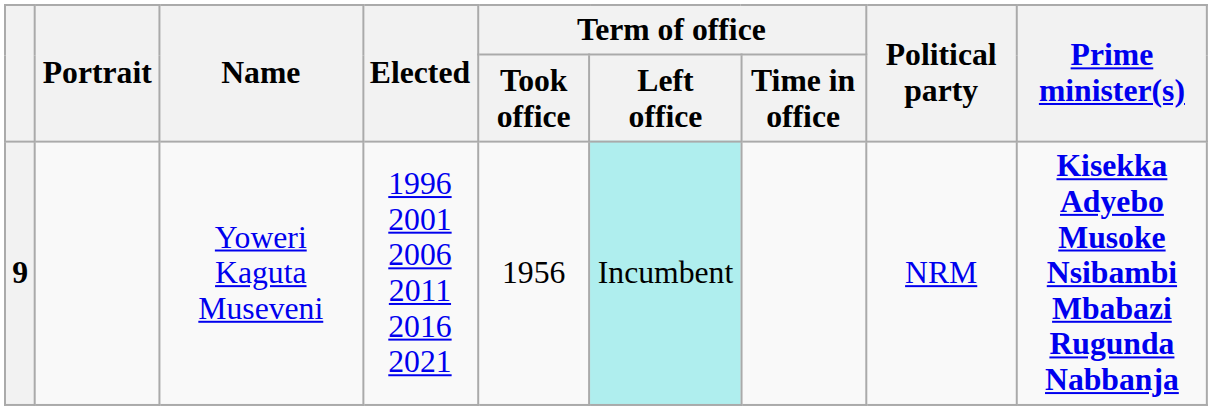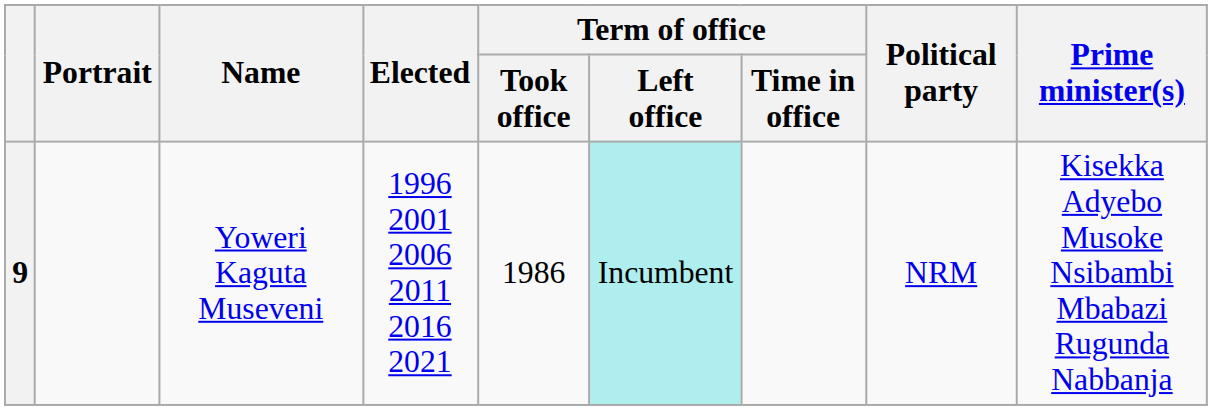 <table class="wikitable" style="text-align:center">
 <tr>
 <th rowspan="2"></th>
 <th rowspan="2">Portrait</th>
 <th rowspan="2">Name<br></th>
 <th rowspan="2">Elected</th>
 <th colspan="3">Term of office</th>
 <th rowspan="2">Political party</th>
 <th rowspan="2"><a href='#'>Prime minister(s)</a></th>
 </tr>
 <tr>
 <th>Took office</th>
 <th>Left office</th>
 <th>Time in office</th>
 </tr>
 <tr>
 <th style="background:">9</th>
 <td></td>
 <td><a href='#'>Yoweri Kaguta Museveni</a><br></td>
 <td><a href='#'>1996</a><br><a href='#'>2001</a><br><a href='#'>2006</a><br><a href='#'>2011</a><br><a href='#'>2016</a><br><a href='#'>2021</a></td>
-<td> 1956</td>
+<td> 1986</td>
 <td style="background: paleturquoise;">Incumbent</td>
 <td></td>
 <td><a href='#'>NRM</a></td>
-<td><strong><a href='#'>Kisekka</a><br><a href='#'>Adyebo</a><br><a href='#'>Musoke</a><br><a href='#'>Nsibambi</a><br><a href='#'>Mbabazi</a><br><a href='#'>Rugunda</a><br><a href='#'>Nabbanja</a></strong></td>
+<td><a href='#'>Kisekka</a><br><a href='#'>Adyebo</a><br><a href='#'>Musoke</a><br><a href='#'>Nsibambi</a><br><a href='#'>Mbabazi</a><br><a href='#'>Rugunda</a><br><a href='#'>Nabbanja</a></td>
 </tr>
 </table>
